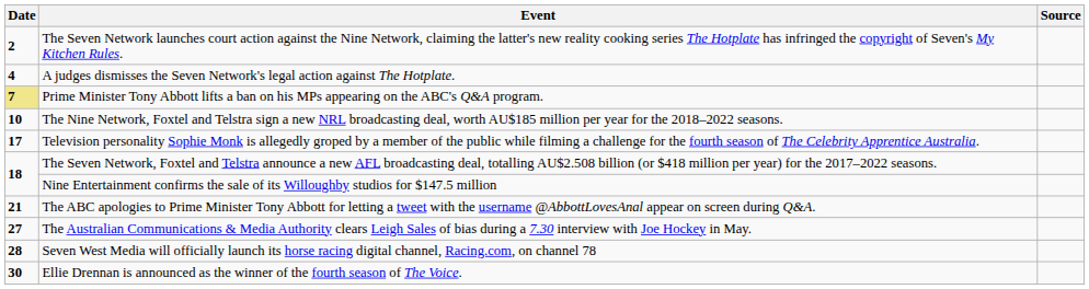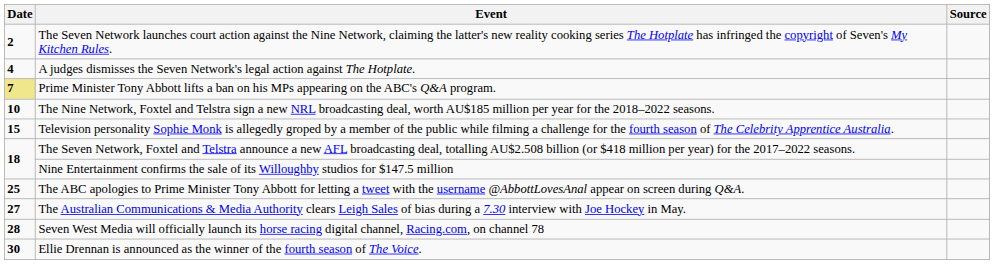 <table class="wikitable">
 <tr>
 <th>Date</th>
 <th>Event</th>
 <th>Source</th>
 </tr>
 <tr>
 <td><strong>2</strong></td>
 <td>The Seven Network launches court action against the Nine Network, claiming the latter's new reality cooking series <em><a href='#'>The Hotplate</a></em> has infringed the <a href='#'>copyright</a> of Seven's <em><a href='#'>My Kitchen Rules</a></em>.</td>
 <td></td>
 </tr>
 <tr>
 <td><strong>4</strong></td>
 <td>A judges dismisses the Seven Network's legal action against <em>The Hotplate</em>.</td>
 <td></td>
 </tr>
 <tr>
 <td style="background: khaki;"><strong>7</strong></td>
 <td>Prime Minister Tony Abbott lifts a ban on his MPs appearing on the ABC's <em>Q&A</em> program.</td>
 <td></td>
 </tr>
 <tr>
 <td><strong>10</strong></td>
 <td>The Nine Network, Foxtel and Telstra sign a new <a href='#'>NRL</a> broadcasting deal, worth AU$185 million per year for the 2018–2022 seasons.</td>
 <td></td>
 </tr>
 <tr>
-<td><strong>17</strong></td>
+<td><strong>15</strong></td>
 <td>Television personality <a href='#'>Sophie Monk</a> is allegedly groped by a member of the public while filming a challenge for the <a href='#'>fourth season</a> of <em><a href='#'>The Celebrity Apprentice Australia</a></em>.</td>
 <td></td>
 </tr>
 <tr>
 <td rowspan="2"><strong>18</strong></td>
 <td>The Seven Network, Foxtel and <a href='#'>Telstra</a> announce a new <a href='#'>AFL</a> broadcasting deal, totalling AU$2.508 billion (or $418 million per year) for the 2017–2022 seasons.</td>
 <td></td>
 </tr>
 <tr>
 <td>Nine Entertainment confirms the sale of its <a href='#'>Willoughby</a> studios for $147.5 million</td>
 <td></td>
 </tr>
 <tr>
-<td><strong>21</strong></td>
+<td><strong>25</strong></td>
 <td>The ABC apologies to Prime Minister Tony Abbott for letting a <a href='#'>tweet</a> with the <a href='#'>username</a> <em>@AbbottLovesAnal</em> appear on screen during <em>Q&A</em>.</td>
 <td></td>
 </tr>
 <tr>
 <td><strong>27</strong></td>
 <td>The <a href='#'>Australian Communications & Media Authority</a> clears <a href='#'>Leigh Sales</a> of bias during a <em><a href='#'>7.30</a></em> interview with <a href='#'>Joe Hockey</a> in May.</td>
 <td></td>
 </tr>
 <tr>
 <td><strong>28</strong></td>
 <td>Seven West Media will officially launch its <a href='#'>horse racing</a> digital channel, <a href='#'>Racing.com</a>, on channel 78</td>
 <td></td>
 </tr>
 <tr>
 <td><strong>30</strong></td>
 <td>Ellie Drennan is announced as the winner of the <a href='#'>fourth season</a> of <em><a href='#'>The Voice</a></em>.</td>
 <td></td>
 </tr>
 </table>
